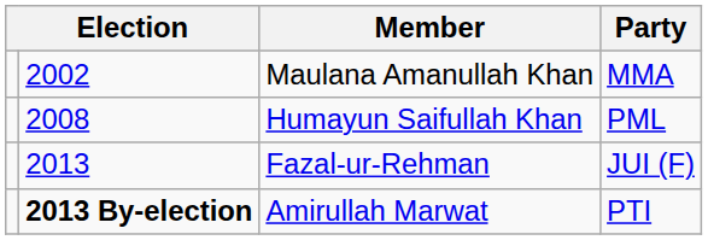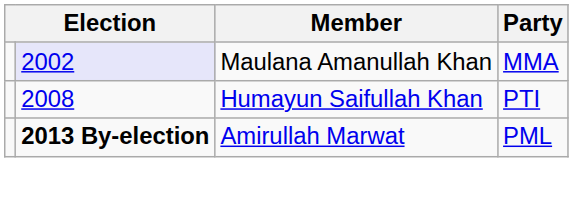 <table class="wikitable">
 <tr>
 <th colspan="2">Election</th>
 <th>Member</th>
 <th>Party</th>
 </tr>
 <tr>
 <td style="background-color: "></td>
-<td><a href='#'>2002</a></td>
+<td style="background: lavender;"><a href='#'>2002</a></td>
 <td>Maulana Amanullah Khan</td>
 <td><a href='#'>MMA</a></td>
 </tr>
 <tr>
 <td style="background-color: "></td>
 <td><a href='#'>2008</a></td>
 <td><a href='#'>Humayun Saifullah Khan</a></td>
-<td><a href='#'>PML</a></td>
-</tr>
-<tr>
-<td style="background-color: "></td>
-<td><a href='#'>2013</a></td>
-<td><a href='#'>Fazal-ur-Rehman</a></td>
-<td><a href='#'>JUI (F)</a></td>
+<td><a href='#'>PTI</a></td>
 </tr>
 <tr>
 <td style="background-color: "></td>
 <td><strong>2013 By-election</strong></td>
 <td><a href='#'>Amirullah Marwat</a></td>
-<td><a href='#'>PTI</a></td>
+<td><a href='#'>PML</a></td>
 </tr>
 </table>
